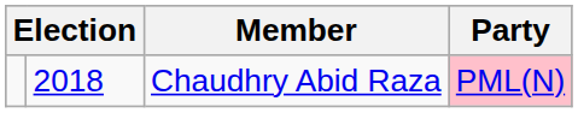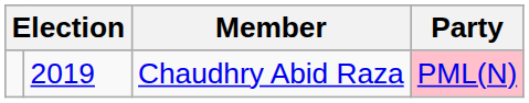 <table class="wikitable">
 <tr>
 <th colspan="2">Election</th>
 <th>Member</th>
 <th>Party</th>
 </tr>
 <tr>
 <td style="background-color: "></td>
-<td><a href='#'>2018</a></td>
+<td><a href='#'>2019</a></td>
 <td><a href='#'>Chaudhry Abid Raza</a></td>
 <td style="background: pink;"><a href='#'>PML(N)</a></td>
 </tr>
 </table>
